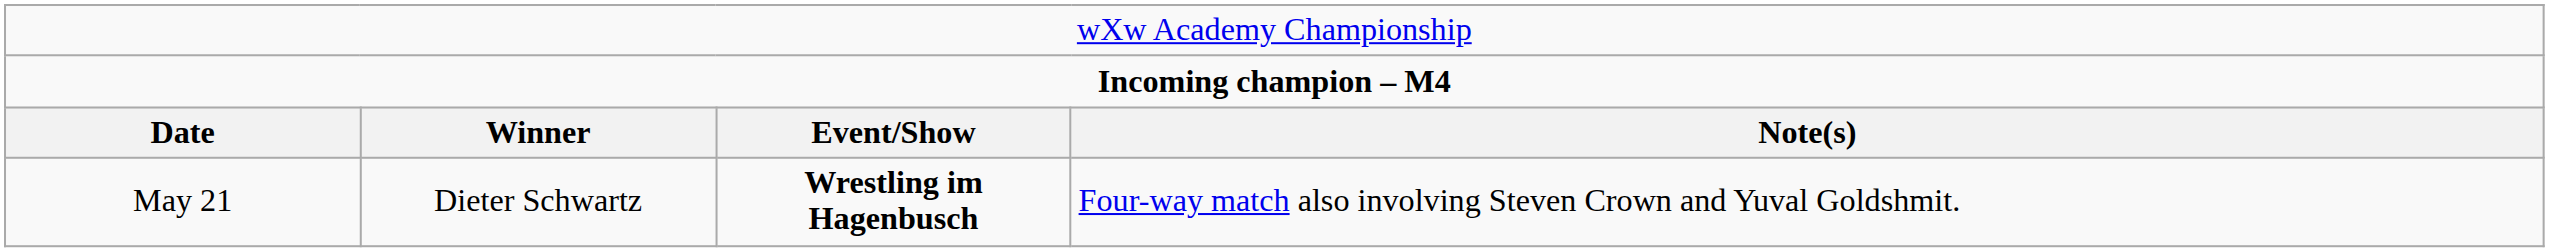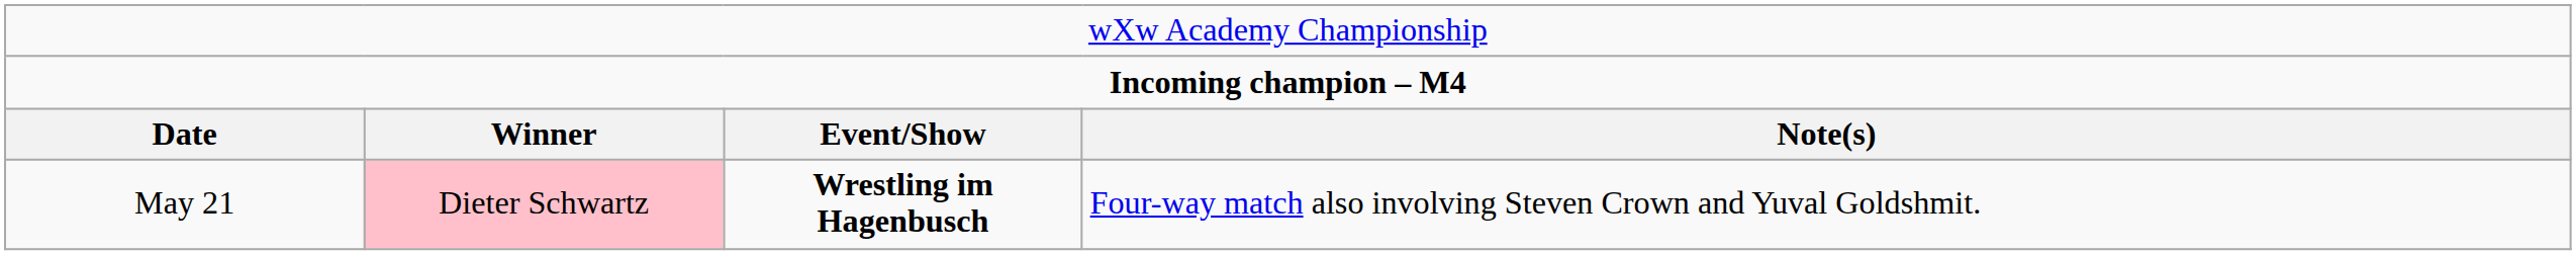 <table class="wikitable" style="text-align:center; width:100%;">
 <tr>
 <td colspan="4" style="text-align: center;"><a href='#'>wXw Academy Championship</a></td>
 </tr>
 <tr>
 <td colspan="4" style="text-align: center;"><strong>Incoming champion – M4</strong></td>
 </tr>
 <tr>
 <th width="14%">Date</th>
 <th width="14%">Winner</th>
 <th width="14%">Event/Show</th>
 <th width="58%">Note(s)</th>
 </tr>
 <tr>
 <td>May 21</td>
-<td>Dieter Schwartz</td>
+<td style="background: pink;">Dieter Schwartz</td>
 <td><strong>Wrestling im Hagenbusch</strong></td>
 <td align=left><a href='#'>Four-way match</a> also involving Steven Crown and Yuval Goldshmit.</td>
 </tr>
 </table>
